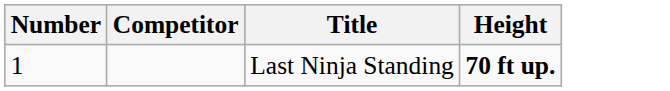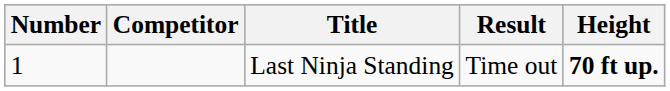 <table class="wikitable sortable”">
 <tr>
 <th>Number</th>
 <th>Competitor</th>
 <th>Title</th>
+<th>Result</th>
 <th>Height</th>
 </tr>
 <tr>
 <td>1</td>
 <td></td>
 <td>Last Ninja Standing</td>
+<td>Time out</td>
 <td><strong>70 ft up.</strong></td>
 </tr>
 </table>
